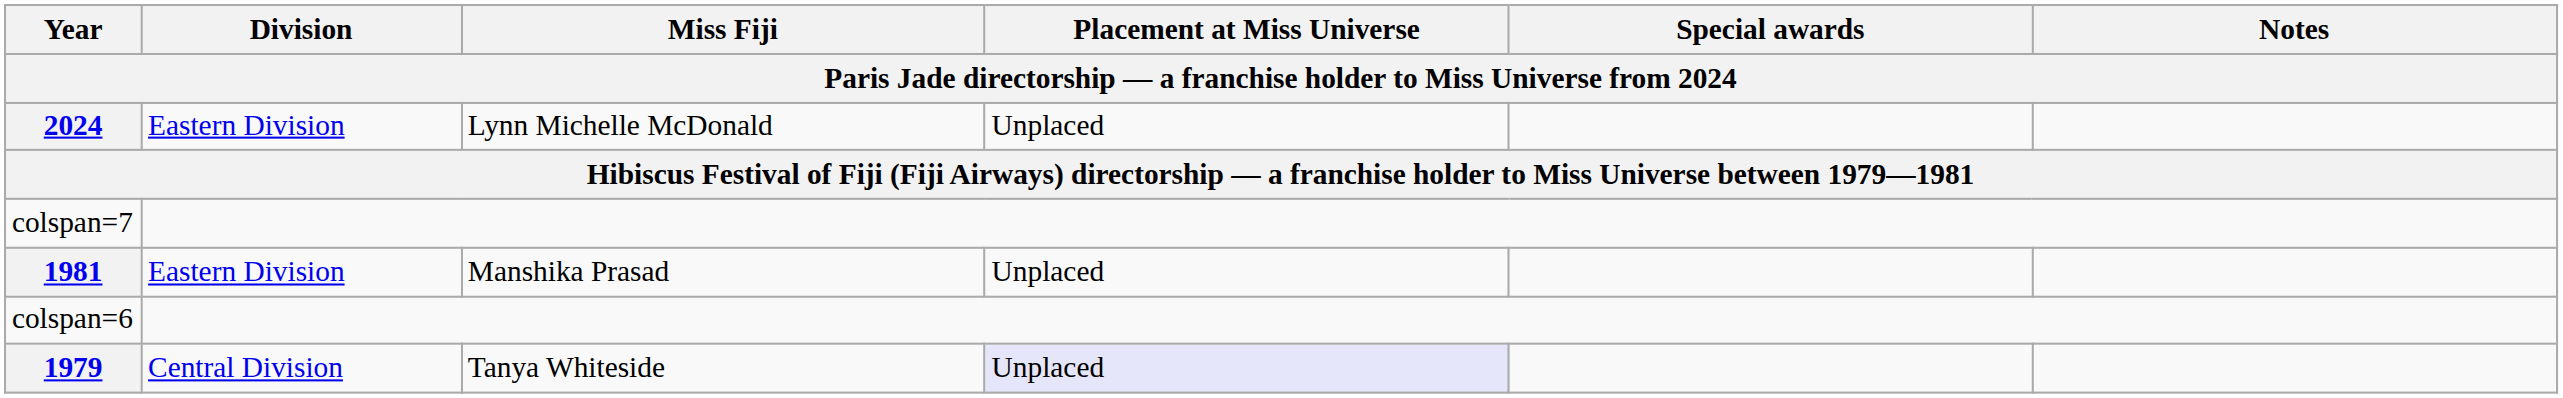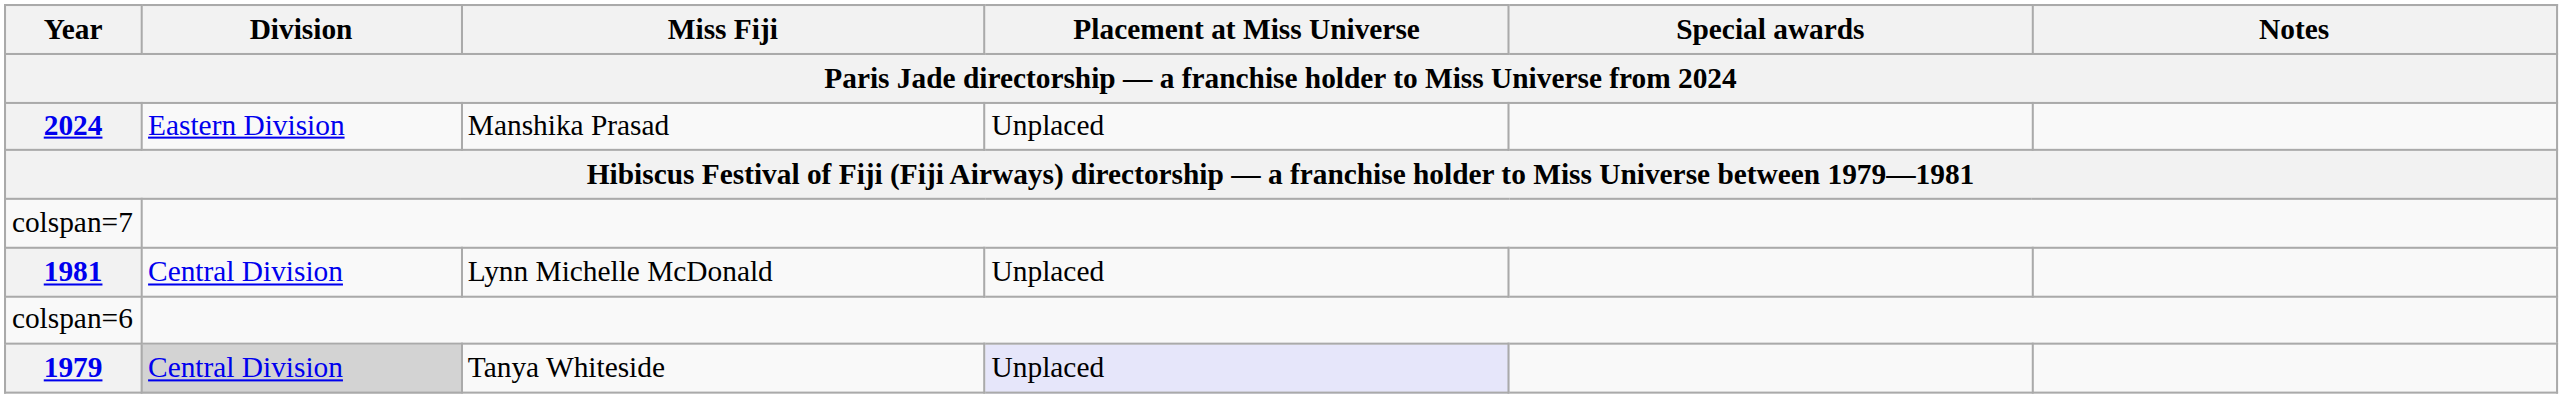 <table class="wikitable " style="font-size: 90%;">
 <tr>
 <th width="60">Year</th>
 <th width="150">Division</th>
 <th width="250">Miss Fiji</th>
 <th width="250">Placement at Miss Universe</th>
 <th width="250">Special awards</th>
 <th width="250">Notes</th>
 </tr>
 <tr>
 <th colspan="6">Paris Jade directorship — a franchise holder to Miss Universe from 2024</th>
 </tr>
 <tr>
 <th><a href='#'>2024</a></th>
 <td><a href='#'>Eastern Division</a></td>
-<td>Lynn Michelle McDonald</td>
+<td>Manshika Prasad</td>
 <td>Unplaced</td>
 <td></td>
 <td></td>
 </tr>
 <tr>
 <th colspan="6">Hibiscus Festival of Fiji (Fiji Airways) directorship — a franchise holder to Miss Universe between 1979―1981</th>
 </tr>
 <tr>
 <td>colspan=7 </td>
 </tr>
 <tr>
 <th><a href='#'>1981</a></th>
-<td><a href='#'>Eastern Division</a></td>
-<td>Manshika Prasad</td>
+<td><a href='#'>Central Division</a></td>
+<td>Lynn Michelle McDonald</td>
 <td>Unplaced</td>
 <td></td>
 <td></td>
 </tr>
 <tr>
 <td>colspan=6 </td>
 </tr>
 <tr>
 <th><a href='#'>1979</a></th>
-<td><a href='#'>Central Division</a></td>
+<td style="background: lightgrey;"><a href='#'>Central Division</a></td>
 <td>Tanya Whiteside</td>
 <td style="background: lavender;">Unplaced</td>
 <td></td>
 <td></td>
 </tr>
 </table>
